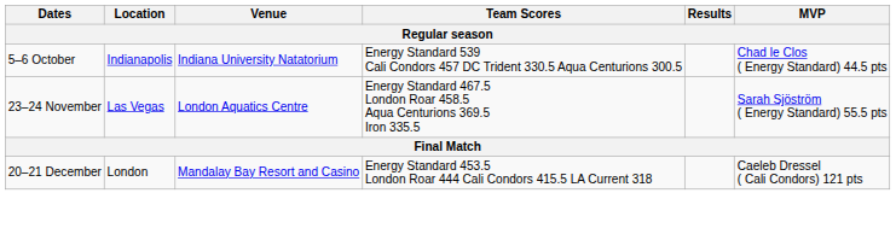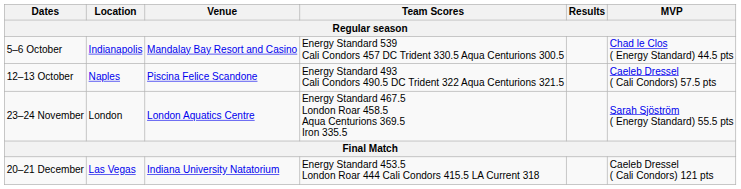 <table class="wikitable">
 <tr>
 <th>Dates</th>
 <th>Location</th>
 <th>Venue</th>
 <th>Team Scores</th>
 <th>Results</th>
 <th>MVP</th>
 </tr>
 <tr>
 <th colspan="6"><strong>Regular season</strong></th>
 </tr>
 <tr>
 <td>5–6 October</td>
 <td> <a href='#'>Indianapolis</a></td>
-<td><a href='#'>Indiana University Natatorium</a></td>
+<td><a href='#'>Mandalay Bay Resort and Casino</a></td>
 <td> Energy Standard 539<br> Cali Condors 457   DC Trident 330.5  Aqua Centurions 300.5</td>
 <td style="text-align:center"></td>
 <td valign="center"> <a href='#'>Chad le Clos</a><br>( Energy Standard) 44.5 pts</td>
 </tr>
 <tr>
+<td>12–13 October</td>
+<td> <a href='#'>Naples</a></td>
+<td><a href='#'>Piscina Felice Scandone</a></td>
+<td> Energy Standard 493<br> Cali Condors 490.5  DC Trident 322  Aqua Centurions 321.5</td>
+<td style="text-align:center"></td>
+<td valign="center"> <a href='#'>Caeleb Dressel</a><br>( Cali Condors) 57.5 pts</td>
+</tr>
+<tr>
 <td>23–24 November</td>
-<td> <a href='#'>Las Vegas</a></td>
+<td> London</td>
 <td><a href='#'>London Aquatics Centre</a></td>
 <td> Energy Standard 467.5<br> London Roar 458.5<br> Aqua Centurions 369.5<br> Iron 335.5</td>
 <td style="text-align:center"></td>
 <td valign="center"> <a href='#'>Sarah Sjöström</a><br>( Energy Standard) 55.5 pts</td>
 </tr>
 <tr>
 <th colspan="6"><strong>Final Match</strong></th>
 </tr>
 <tr>
 <td>20–21 December</td>
-<td> London</td>
-<td><a href='#'>Mandalay Bay Resort and Casino</a></td>
+<td> <a href='#'>Las Vegas</a></td>
+<td><a href='#'>Indiana University Natatorium</a></td>
 <td> Energy Standard 453.5<br> London Roar 444  Cali Condors 415.5  LA Current 318</td>
 <td style="text-align:center"></td>
 <td valign="center"> Caeleb Dressel<br>( Cali Condors) 121 pts</td>
 </tr>
 </table>
